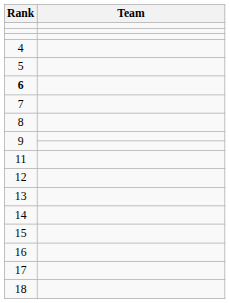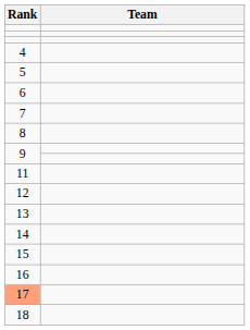 <table class="wikitable" style="text-align: center;">
 <tr>
 <th width=>Rank</th>
 <th width=250>Team</th>
 </tr>
 <tr>
 <td></td>
 <td align="left"></td>
 </tr>
 <tr>
 <td></td>
 <td align="left"></td>
 </tr>
 <tr>
 <td></td>
 <td align="left"></td>
 </tr>
 <tr>
 <td>4</td>
 <td align="left"></td>
 </tr>
 <tr>
 <td>5</td>
 <td align="left"></td>
 </tr>
 <tr>
-<td><strong>6</strong></td>
+<td>6</td>
 <td align="left"></td>
 </tr>
 <tr>
 <td>7</td>
 <td align="left"></td>
 </tr>
 <tr>
 <td>8</td>
 <td align="left"></td>
 </tr>
 <tr>
 <td rowspan=2>9</td>
 <td align="left"></td>
 </tr>
 <tr>
 <td align="left"></td>
 </tr>
 <tr>
 <td>11</td>
 <td align="left"></td>
 </tr>
 <tr>
 <td>12</td>
 <td align="left"></td>
 </tr>
 <tr>
 <td>13</td>
 <td align="left"></td>
 </tr>
 <tr>
 <td>14</td>
 <td align="left"></td>
 </tr>
 <tr>
 <td>15</td>
 <td align="left"></td>
 </tr>
 <tr>
 <td>16</td>
 <td align="left"></td>
 </tr>
 <tr>
-<td>17</td>
+<td style="background: lightsalmon;">17</td>
 <td align="left"></td>
 </tr>
 <tr>
 <td>18</td>
 <td align="left"></td>
 </tr>
 </table>
